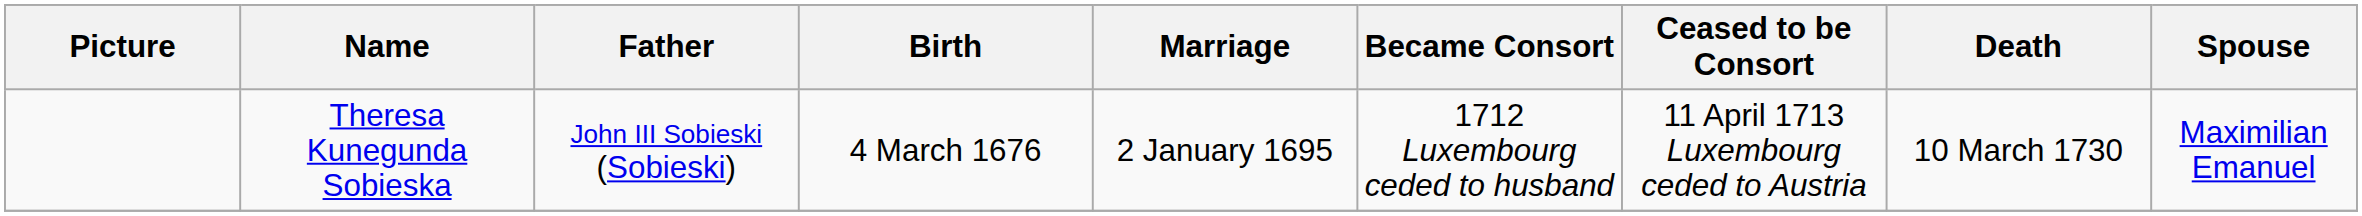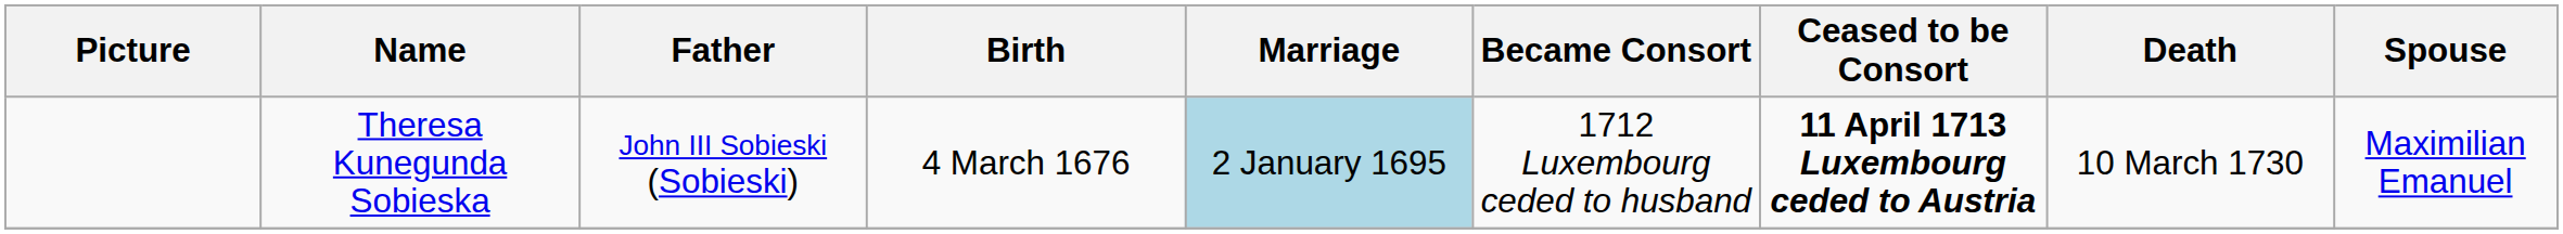 <table width=95% class="wikitable">
 <tr>
 <th width = "8%">Picture</th>
 <th width = "10%">Name</th>
 <th width = "9%">Father</th>
 <th width = "10%">Birth</th>
 <th width = "9%">Marriage</th>
 <th width = "9%">Became Consort</th>
 <th width = "9%">Ceased to be Consort</th>
 <th width = "9%">Death</th>
 <th width = "7%">Spouse</th>
 </tr>
 <tr>
 <td align="center"></td>
 <td align="center"><a href='#'>Theresa Kunegunda Sobieska</a></td>
 <td align="center"><small><a href='#'>John III Sobieski</a></small><br>(<a href='#'>Sobieski</a>)</td>
 <td align="center">4 March 1676</td>
-<td align="center">2 January 1695</td>
+<td align="center" style="background: lightblue;">2 January 1695</td>
 <td align="center">1712<br><em>Luxembourg ceded to husband</em></td>
-<td align="center">11 April 1713<br><em>Luxembourg ceded to Austria</em></td>
+<td align="center"><strong>11 April 1713<br><em>Luxembourg ceded to Austria</em></strong></td>
 <td align="center">10 March 1730</td>
 <td align="center"><a href='#'>Maximilian Emanuel</a></td>
 </tr>
 <tr>
 </tr>
 </table>
